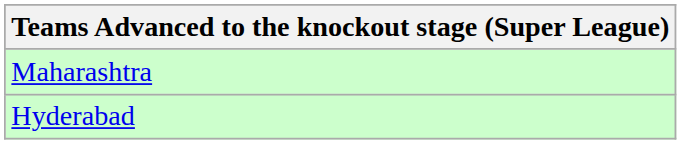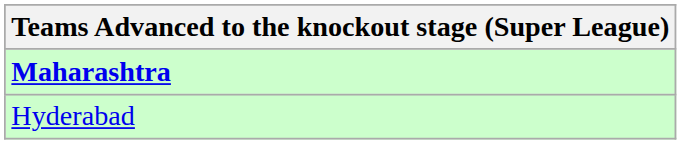 <table class="wikitable">
 <tr>
 <th>Teams Advanced to the knockout stage (Super League)</th>
 </tr>
 <tr bgcolor="#ccffcc">
-<td><a href='#'>Maharashtra</a></td>
+<td><strong><a href='#'>Maharashtra</a></strong></td>
 </tr>
 <tr bgcolor="#ccffcc">
 <td><a href='#'>Hyderabad</a></td>
 </tr>
 </table>
